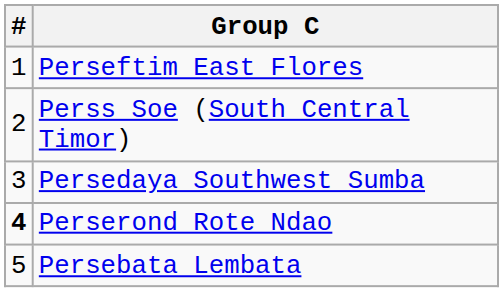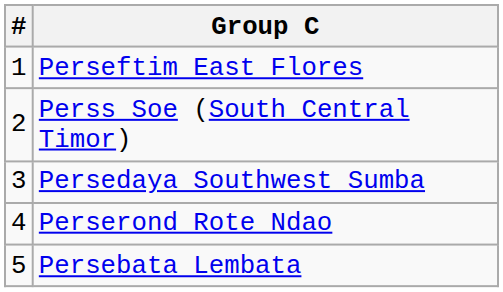 <table class="wikitable sortable" style="width: 250px;">
 <tr>
 <th>#</th>
 <th>Group C</th>
 </tr>
 <tr>
 <td>1</td>
 <td><a href='#'>Perseftim East Flores</a></td>
 </tr>
 <tr>
 <td>2</td>
 <td><a href='#'>Perss Soe</a> (<a href='#'>South Central Timor</a>)</td>
 </tr>
 <tr>
 <td>3</td>
 <td><a href='#'>Persedaya Southwest Sumba</a></td>
 </tr>
 <tr>
-<td><strong>4</strong></td>
+<td>4</td>
 <td><a href='#'>Perserond Rote Ndao</a></td>
 </tr>
 <tr>
 <td>5</td>
 <td><a href='#'>Persebata Lembata</a></td>
 </tr>
 </table>
